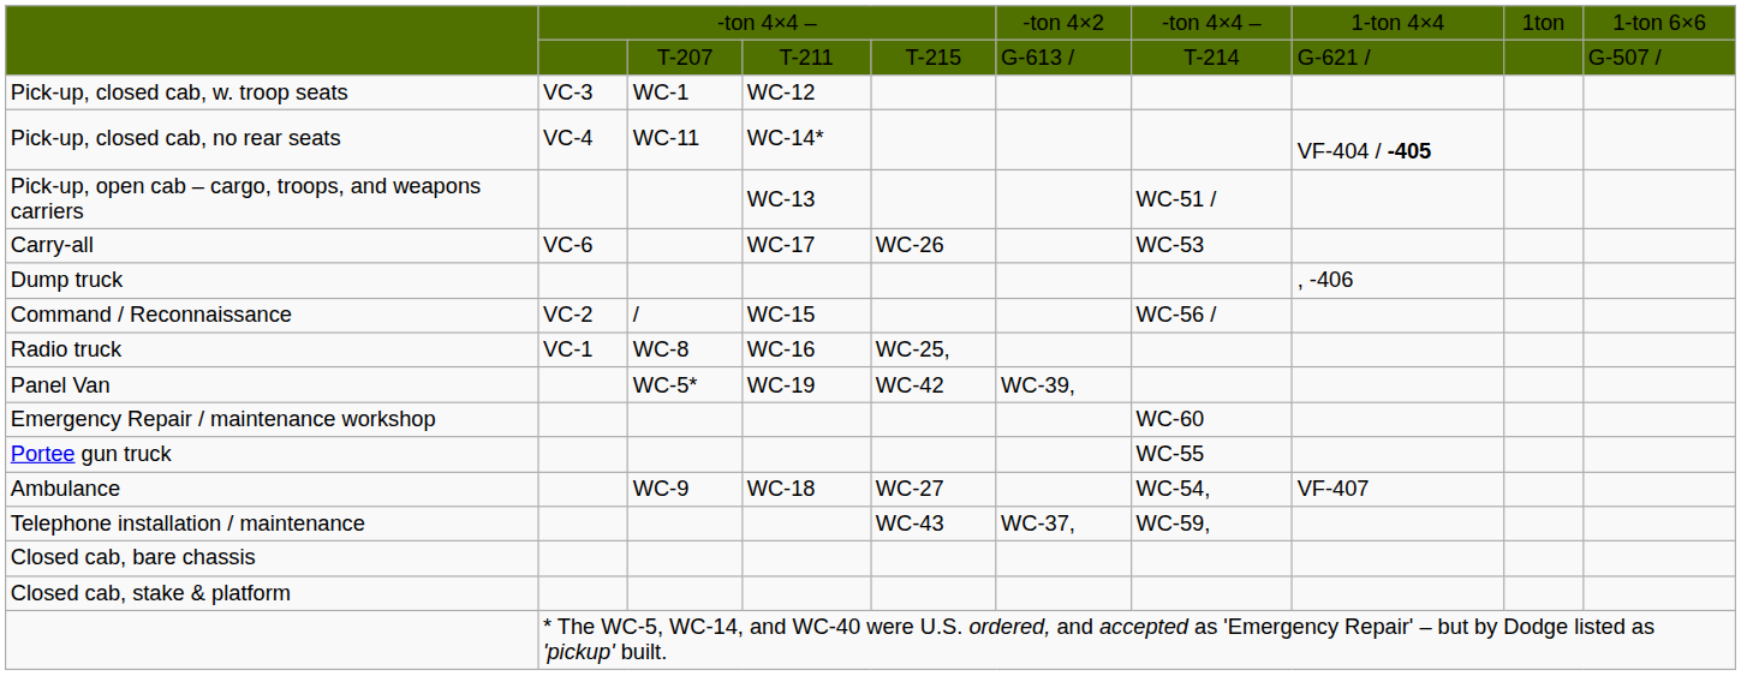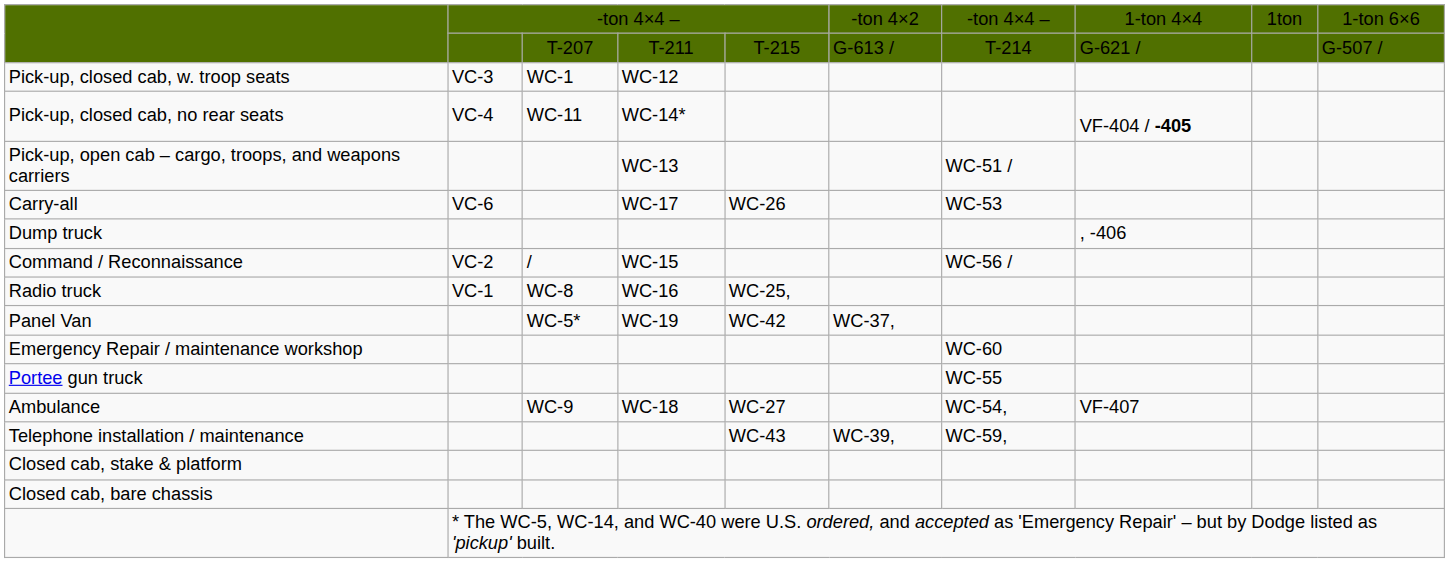 <table class="wikitable" border="1" style="align:right; width:100%; |text-align:left">
 <tr>
 <td style="background:#507000" rowspan=2></td>
 <td style="background:#507000" align="center" colspan=4><span>-ton 4×4 – </span></td>
 <td style="background:#507000" align="center"><span>-ton 4×2</span></td>
 <td style="background:#507000" align="center"><span>-ton 4×4 – </span></td>
 <td style="background:#507000" align="center"><span>1-ton 4×4</span></td>
 <td style="background:#507000" align="center"><span>1ton </span></td>
 <td style="background:#507000" align="center"><span>1-ton 6×6</span></td>
 </tr>
 <tr style="background:#507000;">
 <td><span></span></td>
 <td align="center"><span>T-207</span></td>
 <td align="center"><span>T-211</span></td>
 <td align="center"><span>T-215</span></td>
 <td><span>G-613 / </span></td>
 <td align="center"><span>T-214</span></td>
 <td><span>G-621 / </span></td>
 <td align="center"><span> </span></td>
 <td><span>G-507 / </span></td>
 </tr>
 <tr>
 <td>Pick-up, closed cab, w. troop seats</td>
 <td>VC-3</td>
 <td>WC-1</td>
 <td>WC-12</td>
 <td></td>
 <td></td>
 <td></td>
 <td></td>
 <td></td>
 <td></td>
 </tr>
 <tr>
 <td>Pick-up, closed cab, no rear seats</td>
 <td>VC-4</td>
 <td>WC-11</td>
 <td>WC-14*</td>
 <td> </td>
 <td></td>
 <td></td>
 <td><br>VF-404 / <strong>-405</strong></td>
 <td></td>
 <td></td>
 </tr>
 <tr>
 <td>Pick-up, open cab – cargo, troops, and weapons carriers</td>
 <td></td>
 <td></td>
 <td>WC-13</td>
 <td> </td>
 <td></td>
 <td>WC-51 / </td>
 <td></td>
 <td></td>
 <td></td>
 </tr>
 <tr>
 <td>Carry-all</td>
 <td>VC-6</td>
 <td></td>
 <td>WC-17</td>
 <td>WC-26</td>
 <td> </td>
 <td>WC-53</td>
 <td></td>
 <td></td>
 <td></td>
 </tr>
 <tr>
 <td>Dump truck</td>
 <td></td>
 <td></td>
 <td></td>
 <td></td>
 <td></td>
 <td></td>
 <td>, -406</td>
 <td></td>
 <td></td>
 </tr>
 <tr>
 <td>Command / Reconnaissance</td>
 <td>VC-2</td>
 <td> / </td>
 <td>WC-15</td>
 <td></td>
 <td></td>
 <td>WC-56 / </td>
 <td></td>
 <td></td>
 <td></td>
 </tr>
 <tr>
 <td>Radio truck</td>
 <td>VC-1</td>
 <td>WC-8</td>
 <td>WC-16</td>
 <td>WC-25, </td>
 <td></td>
 <td></td>
 <td></td>
 <td></td>
 <td></td>
 </tr>
 <tr>
 <td>Panel Van</td>
 <td></td>
 <td>WC-5*</td>
 <td>WC-19</td>
 <td>WC-42</td>
-<td>WC-39, </td>
+<td>WC-37, </td>
 <td></td>
 <td></td>
 <td></td>
 <td></td>
 </tr>
 <tr>
 <td>Emergency Repair / maintenance workshop</td>
 <td></td>
 <td></td>
 <td> </td>
 <td> </td>
 <td></td>
 <td>WC-60</td>
 <td></td>
 <td></td>
 <td></td>
 </tr>
 <tr>
 <td><a href='#'>Portee</a> gun truck </td>
 <td></td>
 <td></td>
 <td></td>
 <td></td>
 <td></td>
 <td>WC-55</td>
 <td></td>
 <td></td>
 <td></td>
 </tr>
 <tr>
 <td>Ambulance</td>
 <td></td>
 <td>WC-9</td>
 <td>WC-18</td>
 <td>WC-27</td>
 <td></td>
 <td>WC-54, </td>
 <td>VF-407</td>
 <td></td>
 <td></td>
 </tr>
 <tr>
 <td>Telephone installation / maintenance</td>
 <td></td>
 <td></td>
 <td></td>
 <td>WC-43</td>
-<td>WC-37, </td>
+<td>WC-39, </td>
 <td>WC-59, </td>
+<td></td>
+<td></td>
+<td></td>
+</tr>
+<tr>
+<td>Closed cab, stake & platform</td>
+<td></td>
+<td></td>
+<td></td>
+<td></td>
+<td></td>
+<td></td>
 <td></td>
 <td></td>
 <td></td>
 </tr>
 <tr>
 <td>Closed cab, bare chassis</td>
 <td></td>
 <td></td>
 <td></td>
 <td></td>
 <td></td>
 <td></td>
 <td></td>
 <td></td>
 <td></td>
 </tr>
 <tr>
-<td>Closed cab, stake & platform</td>
-<td></td>
-<td></td>
-<td></td>
-<td></td>
-<td></td>
-<td></td>
-<td></td>
-<td></td>
-<td></td>
-</tr>
-<tr>
 <td></td>
 <td colspan=9>* The WC-5, WC-14, and WC-40 were U.S. <em>ordered,</em> and <em>accepted</em> as 'Emergency Repair' – but by Dodge listed as<em> 'pickup' </em>built.</td>
 </tr>
 </table>
